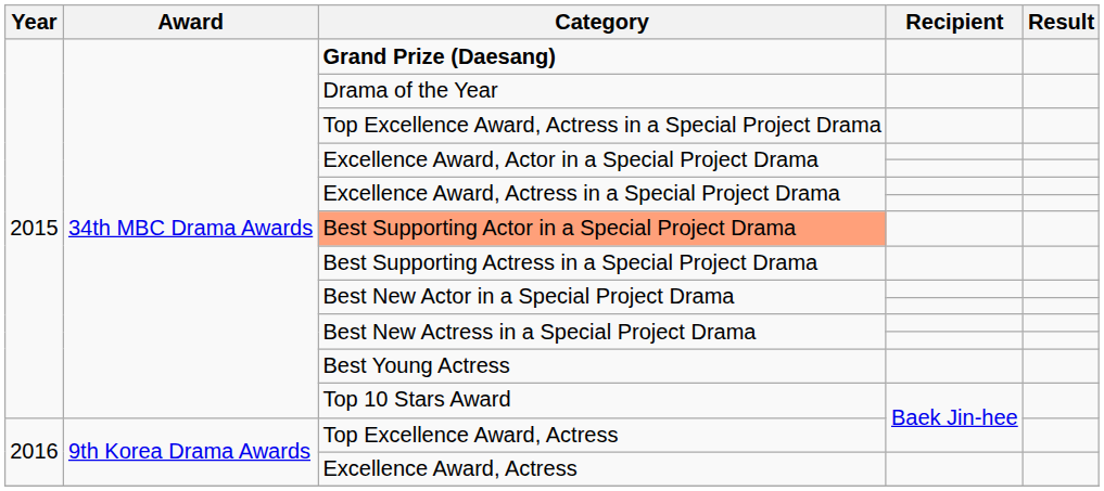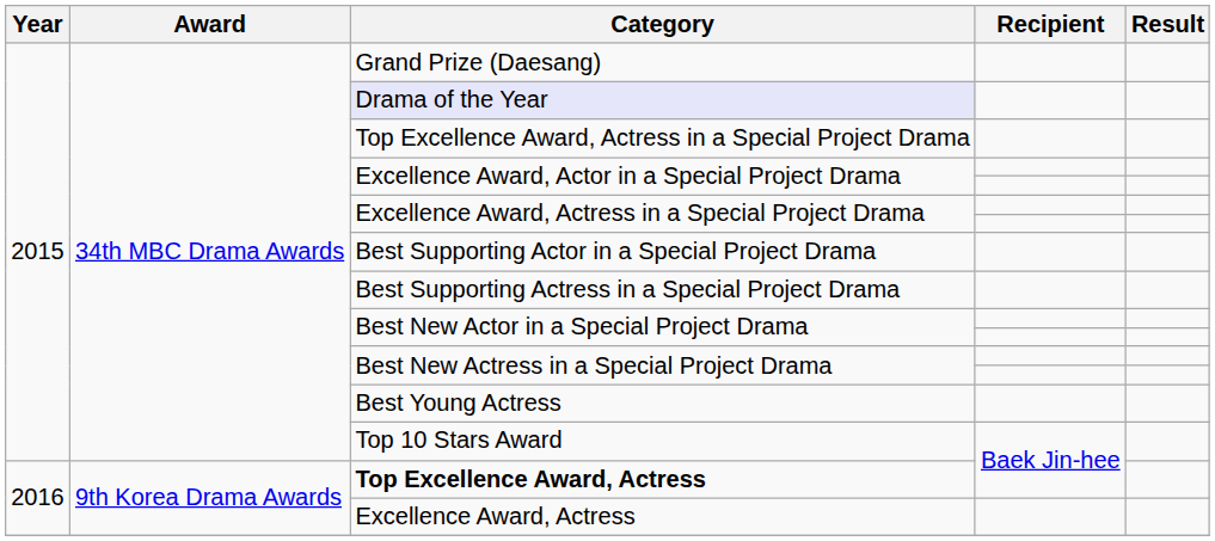 <table class="wikitable">
 <tr>
 <th>Year</th>
 <th>Award</th>
 <th>Category</th>
 <th>Recipient</th>
 <th>Result</th>
 </tr>
 <tr>
 <td rowspan=15>2015</td>
 <td rowspan=15><a href='#'>34th MBC Drama Awards</a></td>
-<td><strong>Grand Prize (Daesang)</strong></td>
+<td>Grand Prize (Daesang)</td>
 <td></td>
 <td></td>
 </tr>
 <tr>
-<td>Drama of the Year</td>
+<td style="background: lavender;">Drama of the Year</td>
 <td></td>
 <td></td>
 </tr>
 <tr>
 <td>Top Excellence Award, Actress in a Special Project Drama</td>
 <td></td>
 <td></td>
 </tr>
 <tr>
 <td rowspan=2>Excellence Award, Actor in a Special Project Drama</td>
 <td></td>
 <td></td>
 </tr>
 <tr>
 <td></td>
 <td></td>
 </tr>
 <tr>
 <td rowspan=2>Excellence Award, Actress in a Special Project Drama</td>
 <td></td>
 <td></td>
 </tr>
 <tr>
 <td></td>
 <td></td>
 </tr>
 <tr>
-<td style="background: lightsalmon;">Best Supporting Actor in a Special Project Drama</td>
+<td>Best Supporting Actor in a Special Project Drama</td>
 <td></td>
 <td></td>
 </tr>
 <tr>
 <td>Best Supporting Actress in a Special Project Drama</td>
 <td></td>
 <td></td>
 </tr>
 <tr>
 <td rowspan=2>Best New Actor in a Special Project Drama</td>
 <td></td>
 <td></td>
 </tr>
 <tr>
 <td></td>
 <td></td>
 </tr>
 <tr>
 <td rowspan=2>Best New Actress in a Special Project Drama</td>
 <td></td>
 <td></td>
 </tr>
 <tr>
 <td></td>
 <td></td>
 </tr>
 <tr>
 <td>Best Young Actress</td>
 <td></td>
 <td></td>
 </tr>
 <tr>
 <td>Top 10 Stars Award</td>
 <td rowspan=2 style="text-align:center;"><a href='#'>Baek Jin-hee</a></td>
 <td></td>
 </tr>
 <tr>
 <td rowspan=2>2016</td>
 <td rowspan=2><a href='#'>9th Korea Drama Awards</a></td>
-<td>Top Excellence Award, Actress</td>
+<td><strong>Top Excellence Award, Actress</strong></td>
 <td></td>
 </tr>
 <tr>
 <td>Excellence Award, Actress</td>
 <td></td>
 <td></td>
 </tr>
 <tr>
 </tr>
 </table>
